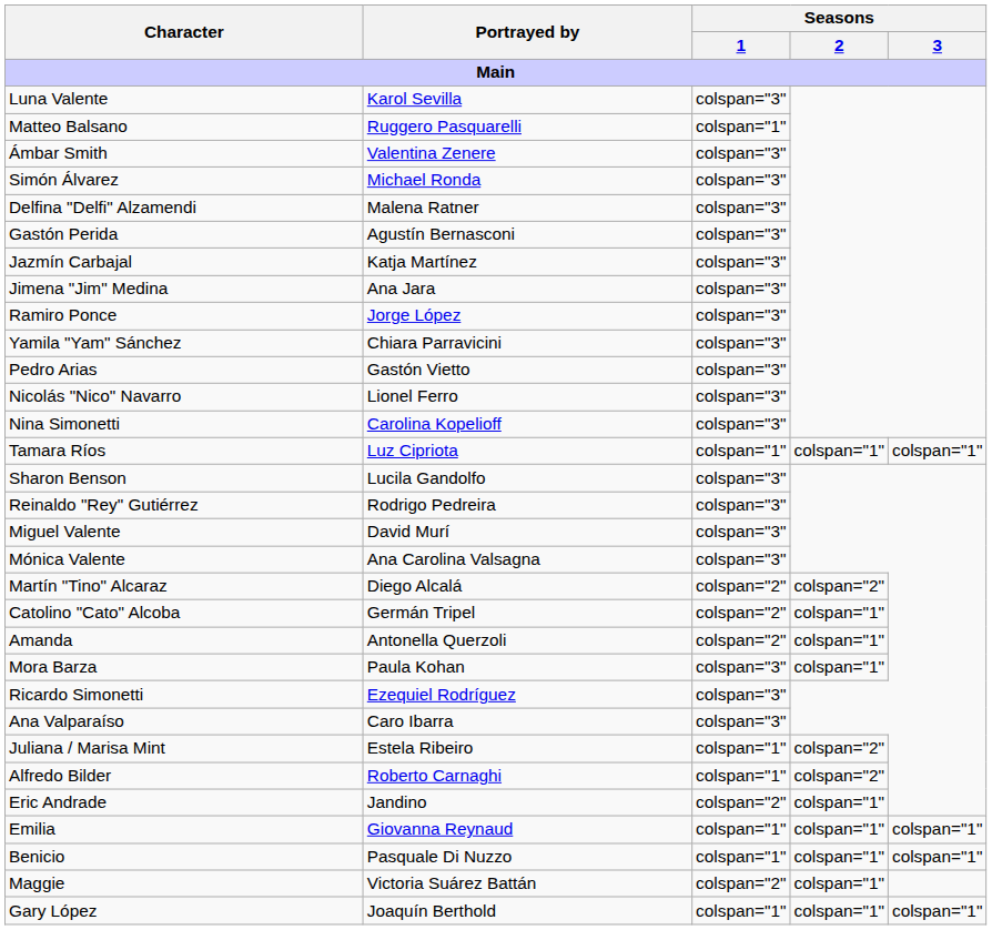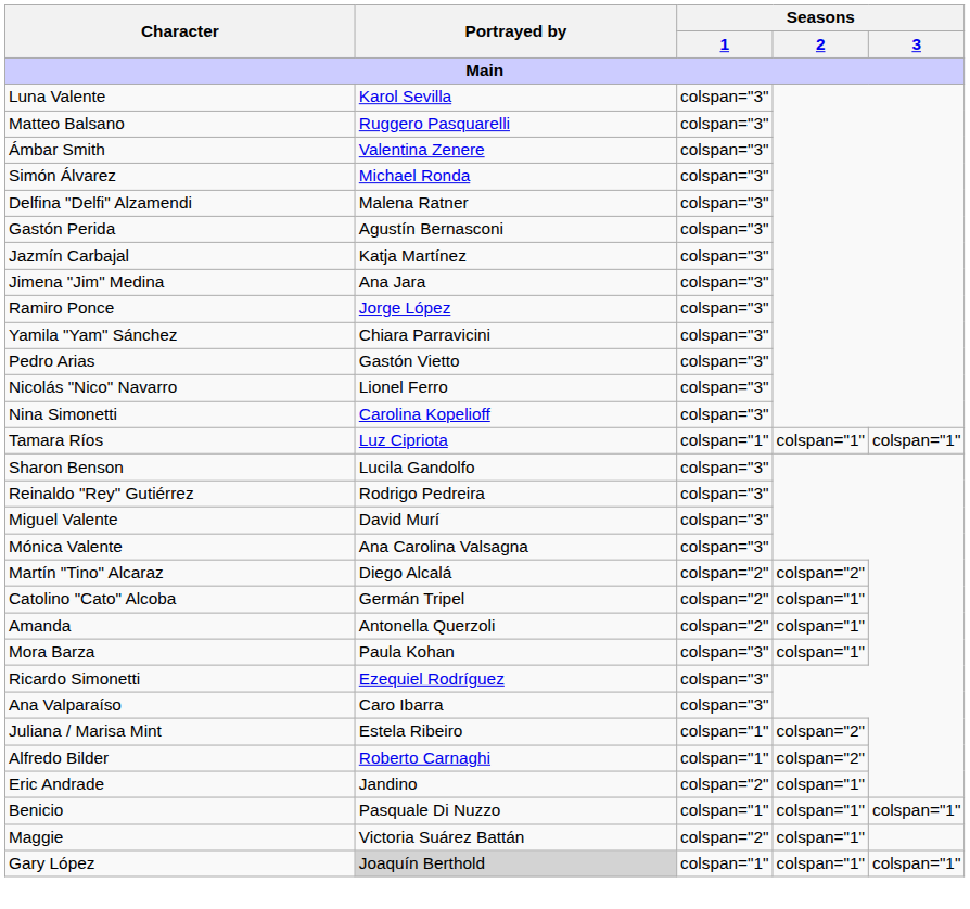 <table class="wikitable">
 <tr>
 <th rowspan="2">Character</th>
 <th rowspan="2">Portrayed by</th>
 <th colspan="3">Seasons</th>
 </tr>
 <tr>
 <th style="width:10%;"><a href='#'>1</a></th>
 <th style="width:10%;"><a href='#'>2</a></th>
 <th style="width:10%;"><a href='#'>3</a></th>
 </tr>
 <tr>
 <th scope="row" colspan="5" style="background-color:#ccccff;">Main</th>
 </tr>
 <tr>
 <td>Luna Valente</td>
 <td><a href='#'>Karol Sevilla</a></td>
 <td>colspan="3" </td>
 </tr>
 <tr>
 <td>Matteo Balsano</td>
 <td><a href='#'>Ruggero Pasquarelli</a></td>
-<td>colspan="1" </td>
+<td>colspan="3" </td>
 </tr>
 <tr>
 <td>Ámbar Smith</td>
 <td><a href='#'>Valentina Zenere</a></td>
 <td>colspan="3" </td>
 </tr>
 <tr>
 <td>Simón Álvarez</td>
 <td><a href='#'>Michael Ronda</a></td>
 <td>colspan="3" </td>
 </tr>
 <tr>
 <td>Delfina "Delfi" Alzamendi</td>
 <td>Malena Ratner</td>
 <td>colspan="3" </td>
 </tr>
 <tr>
 <td>Gastón Perida</td>
 <td>Agustín Bernasconi</td>
 <td>colspan="3" </td>
 </tr>
 <tr>
 <td>Jazmín Carbajal</td>
 <td>Katja Martínez</td>
 <td>colspan="3" </td>
 </tr>
 <tr>
 <td>Jimena "Jim" Medina</td>
 <td>Ana Jara</td>
 <td>colspan="3" </td>
 </tr>
 <tr>
 <td>Ramiro Ponce</td>
 <td><a href='#'>Jorge López</a></td>
 <td>colspan="3" </td>
 </tr>
 <tr>
 <td>Yamila "Yam" Sánchez</td>
 <td>Chiara Parravicini</td>
 <td>colspan="3" </td>
 </tr>
 <tr>
 <td>Pedro Arias</td>
 <td>Gastón Vietto</td>
 <td>colspan="3" </td>
 </tr>
 <tr>
 <td>Nicolás "Nico" Navarro</td>
 <td>Lionel Ferro</td>
 <td>colspan="3" </td>
 </tr>
 <tr>
 <td>Nina Simonetti</td>
 <td><a href='#'>Carolina Kopelioff</a></td>
 <td>colspan="3" </td>
 </tr>
 <tr>
 <td>Tamara Ríos</td>
 <td><a href='#'>Luz Cipriota</a></td>
 <td>colspan="1" </td>
 <td>colspan="1" </td>
 <td>colspan="1" </td>
 </tr>
 <tr>
 <td>Sharon Benson</td>
 <td>Lucila Gandolfo</td>
 <td>colspan="3" </td>
 </tr>
 <tr>
 <td>Reinaldo "Rey" Gutiérrez</td>
 <td>Rodrigo Pedreira</td>
 <td>colspan="3" </td>
 </tr>
 <tr>
 <td>Miguel Valente</td>
 <td>David Murí</td>
 <td>colspan="3" </td>
 </tr>
 <tr>
 <td>Mónica Valente</td>
 <td>Ana Carolina Valsagna</td>
 <td>colspan="3" </td>
 </tr>
 <tr>
 <td>Martín "Tino" Alcaraz</td>
 <td>Diego Alcalá</td>
 <td>colspan="2" </td>
 <td>colspan="2" </td>
 </tr>
 <tr>
 <td>Catolino "Cato" Alcoba</td>
 <td>Germán Tripel</td>
 <td>colspan="2" </td>
 <td>colspan="1"  </td>
 </tr>
 <tr>
 <td>Amanda</td>
 <td>Antonella Querzoli</td>
 <td>colspan="2" </td>
 <td>colspan="1"  </td>
 </tr>
 <tr>
 <td>Mora Barza</td>
 <td>Paula Kohan</td>
 <td>colspan="3" </td>
 <td>colspan="1" </td>
 </tr>
 <tr>
 <td>Ricardo Simonetti</td>
 <td><a href='#'>Ezequiel Rodríguez</a></td>
 <td>colspan="3" </td>
 </tr>
 <tr>
 <td>Ana Valparaíso</td>
 <td>Caro Ibarra</td>
 <td>colspan="3" </td>
 </tr>
 <tr>
 <td>Juliana / Marisa Mint</td>
 <td>Estela Ribeiro</td>
 <td>colspan="1" </td>
 <td>colspan="2" </td>
 </tr>
 <tr>
 <td>Alfredo Bilder</td>
 <td><a href='#'>Roberto Carnaghi</a></td>
 <td>colspan="1" </td>
 <td>colspan="2" </td>
 </tr>
 <tr>
 <td>Eric Andrade</td>
 <td>Jandino</td>
 <td>colspan="2" </td>
 <td>colspan="1" </td>
 </tr>
 <tr>
-<td>Emilia</td>
-<td><a href='#'>Giovanna Reynaud</a></td>
-<td>colspan="1" </td>
-<td>colspan="1" </td>
-<td>colspan="1" </td>
-</tr>
-<tr>
 <td>Benicio</td>
 <td>Pasquale Di Nuzzo</td>
 <td>colspan="1" </td>
 <td>colspan="1" </td>
 <td>colspan="1" </td>
 </tr>
 <tr>
 <td>Maggie</td>
 <td>Victoria Suárez Battán</td>
 <td>colspan="2" </td>
 <td>colspan="1" </td>
 </tr>
 <tr>
 <td>Gary López</td>
-<td>Joaquín Berthold</td>
+<td style="background: lightgrey;">Joaquín Berthold</td>
 <td>colspan="1" </td>
 <td>colspan="1" </td>
 <td>colspan="1" </td>
 </tr>
 </table>
